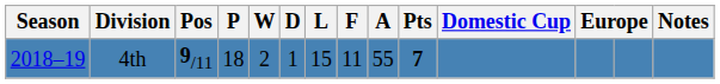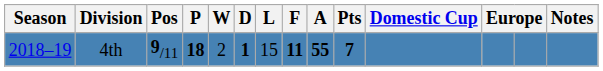 <table class="wikitable">
 <tr>
 <th>Season</th>
 <th>Division</th>
 <th>Pos</th>
 <th>P</th>
 <th>W</th>
 <th>D</th>
 <th>L</th>
 <th>F</th>
 <th>A</th>
 <th>Pts</th>
 <th><a href='#'>Domestic Cup</a></th>
 <th colspan=2>Europe</th>
 <th>Notes</th>
 </tr>
 <tr bgcolor=SteelBlue>
 <td align=center><a href='#'>2018–19</a></td>
 <td align=center>4th</td>
 <td align=center><strong>9</strong><sub>/11</sub></td>
-<td align=center>18</td>
+<td align=center><strong>18</strong></td>
 <td align=center>2</td>
-<td align=center>1</td>
+<td align=center><strong>1</strong></td>
 <td align=center>15</td>
-<td align=center>11</td>
-<td align=center>55</td>
+<td align=center><strong>11</strong></td>
+<td align=center><strong>55</strong></td>
 <td align=center><strong>7</strong></td>
 <td align=center></td>
 <td align=center></td>
 <td align=center></td>
 <td align=center></td>
 </tr>
 </table>
